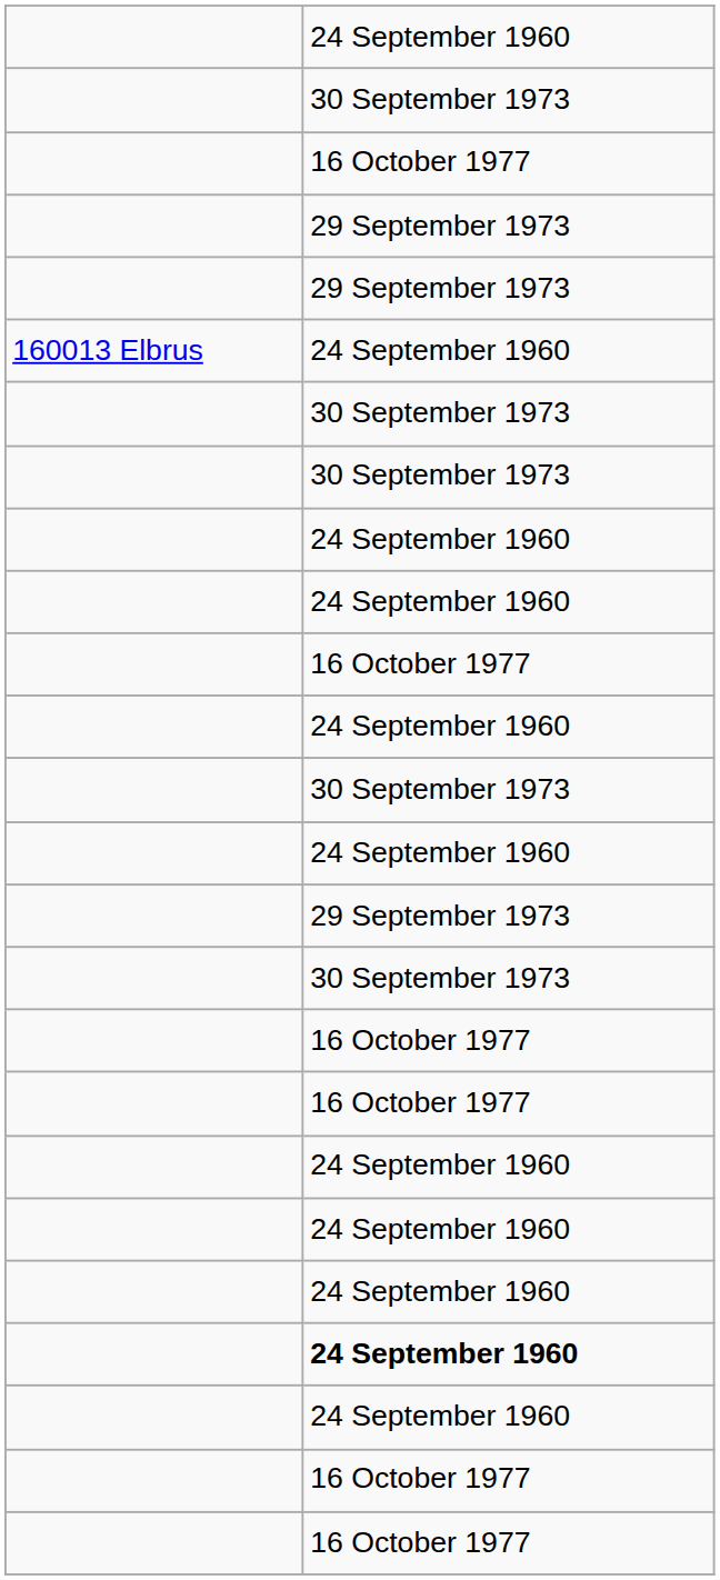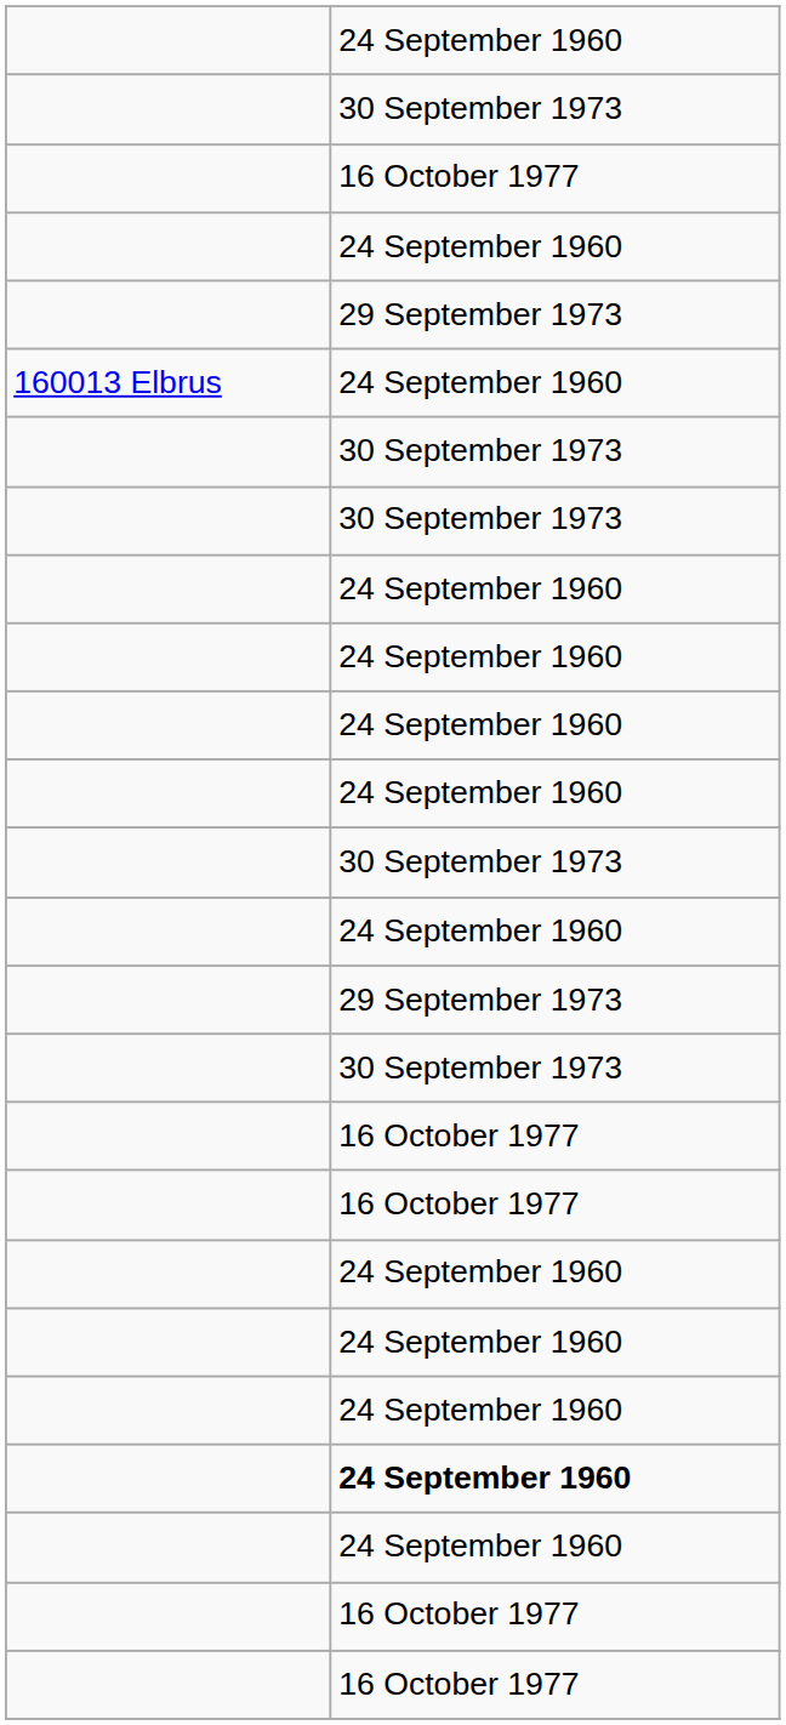 <table class="wikitable" style="font-size: 89%; float: left; width: 24em; margin-right: 1em; line-height: 1.65em">
 <tr>
 <td></td>
 <td>24 September 1960</td>
 </tr>
 <tr>
 <td></td>
 <td>30 September 1973</td>
 </tr>
 <tr>
 <td></td>
 <td>16 October 1977</td>
 </tr>
 <tr>
 <td></td>
-<td>29 September 1973</td>
+<td>24 September 1960</td>
 </tr>
 <tr>
 <td></td>
 <td>29 September 1973</td>
 </tr>
 <tr>
 <td><a href='#'>160013 Elbrus</a></td>
 <td>24 September 1960</td>
 </tr>
 <tr>
 <td></td>
 <td>30 September 1973</td>
 </tr>
 <tr>
 <td></td>
 <td>30 September 1973</td>
 </tr>
 <tr>
 <td></td>
 <td>24 September 1960</td>
 </tr>
 <tr>
 <td></td>
 <td>24 September 1960</td>
 </tr>
 <tr>
 <td></td>
-<td>16 October 1977</td>
+<td>24 September 1960</td>
 </tr>
 <tr>
 <td></td>
 <td>24 September 1960</td>
 </tr>
 <tr>
 <td></td>
 <td>30 September 1973</td>
 </tr>
 <tr>
 <td></td>
 <td>24 September 1960</td>
 </tr>
 <tr>
 <td></td>
 <td>29 September 1973</td>
 </tr>
 <tr>
 <td></td>
 <td>30 September 1973</td>
 </tr>
 <tr>
 <td></td>
 <td>16 October 1977</td>
 </tr>
 <tr>
 <td></td>
 <td>16 October 1977</td>
 </tr>
 <tr>
 <td></td>
 <td>24 September 1960</td>
 </tr>
 <tr>
 <td></td>
 <td>24 September 1960</td>
 </tr>
 <tr>
 <td></td>
 <td>24 September 1960</td>
 </tr>
 <tr>
 <td></td>
 <td><strong>24 September 1960</strong></td>
 </tr>
 <tr>
 <td></td>
 <td>24 September 1960</td>
 </tr>
 <tr>
 <td></td>
 <td>16 October 1977</td>
 </tr>
 <tr>
 <td></td>
 <td>16 October 1977</td>
 </tr>
 </table>
